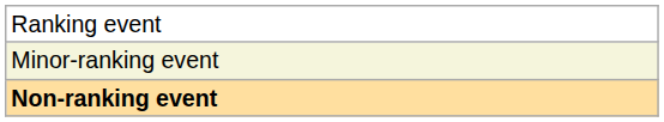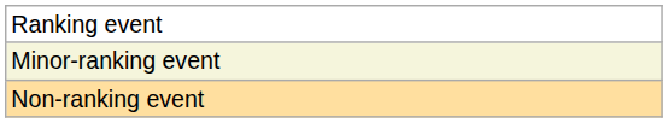 <table class="wikitable" style="font-size:85%;" width=30%>
 <tr bgcolor="#ffffff">
 <td>Ranking event</td>
 </tr>
 <tr bgcolor="beige">
 <td>Minor-ranking event</td>
 </tr>
 <tr style="background:#ffdf9f;">
-<td><strong>Non-ranking event</strong></td>
+<td>Non-ranking event</td>
 </tr>
 </table>
